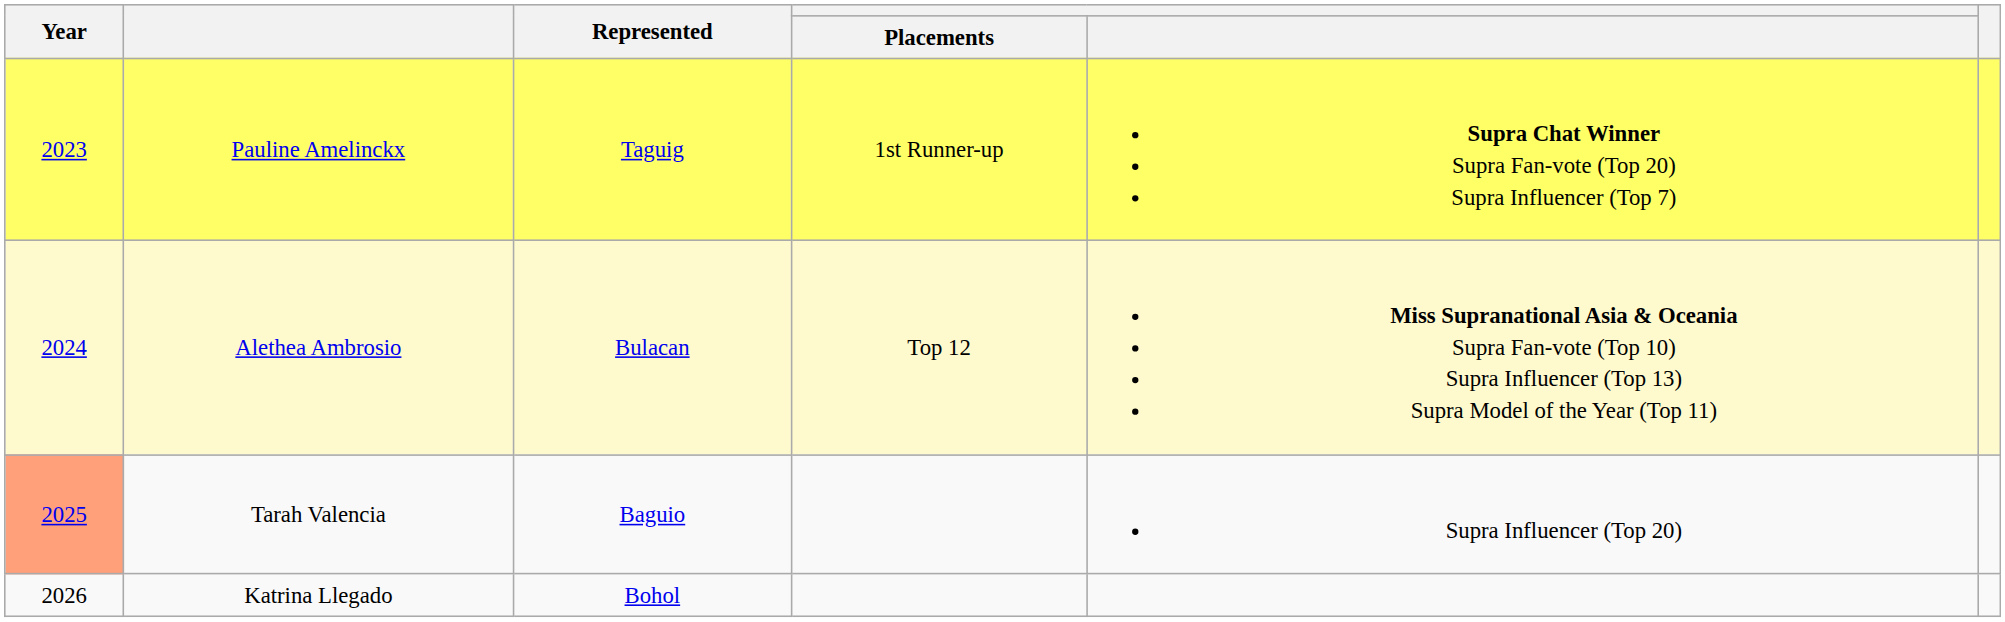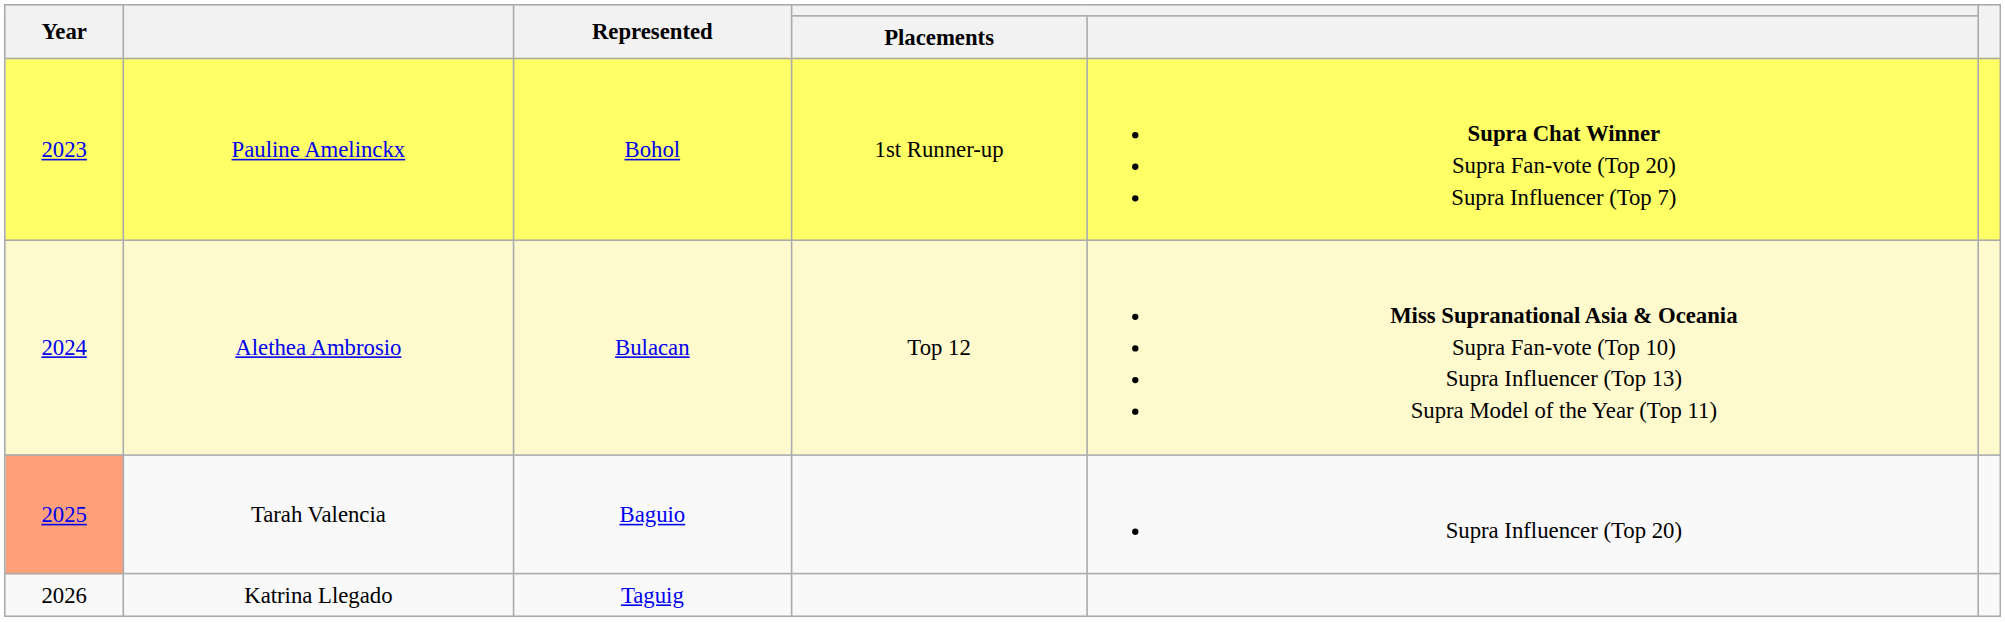 <table class="wikitable" style="text-align:center; line-height:20px; font-size:90%; width:100%;">
 <tr>
 <th rowspan="2">Year</th>
 <th rowspan="2"></th>
 <th rowspan="2">Represented</th>
 <th colspan="2"></th>
 <th rowspan="2"></th>
 </tr>
 <tr>
 <th>Placements</th>
 <th></th>
 </tr>
 <tr style="background-color:#FFFF66">
 <td><a href='#'>2023</a></td>
 <td><a href='#'>Pauline Amelinckx</a></td>
-<td><a href='#'>Taguig</a></td>
+<td><a href='#'>Bohol</a></td>
 <td>1st Runner-up</td>
 <td><br><ul><li><strong>Supra Chat Winner</strong></li><li>Supra Fan-vote (Top 20)</li><li>Supra Influencer (Top 7)</li></ul></td>
 <td></td>
 </tr>
 <tr style="background:#FFFACD;">
 <td><a href='#'>2024</a></td>
 <td><a href='#'>Alethea Ambrosio</a></td>
 <td><a href='#'>Bulacan</a></td>
 <td>Top 12</td>
 <td><br><ul><li><strong>Miss Supranational Asia & Oceania</strong></li><li>Supra Fan-vote (Top 10)</li><li>Supra Influencer (Top 13)</li><li>Supra Model of the Year (Top 11)</li></ul></td>
 <td></td>
 </tr>
 <tr>
 <td style="background: lightsalmon;"><a href='#'>2025</a></td>
 <td>Tarah Valencia</td>
 <td><a href='#'>Baguio</a></td>
 <td></td>
 <td><br><ul><li>Supra Influencer (Top 20)</li></ul></td>
 <td></td>
 </tr>
 <tr>
 <td>2026</td>
 <td>Katrina Llegado</td>
-<td><a href='#'>Bohol</a></td>
+<td><a href='#'>Taguig</a></td>
 <td></td>
 <td></td>
 <td></td>
 </tr>
 </table>
